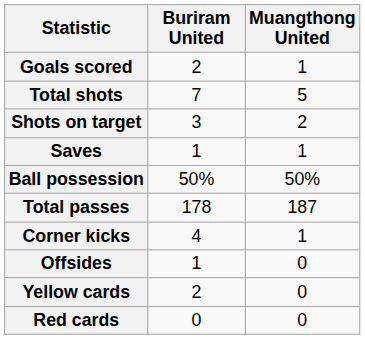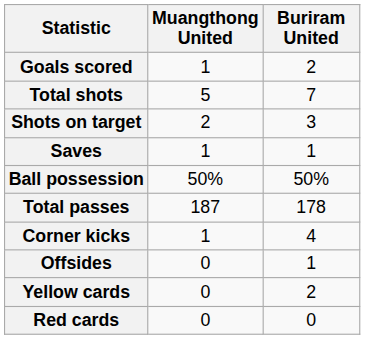 <table class="wikitable plainrowheaders" style="text-align:center">
 <tr>
 <th scope="col">Statistic</th>
+<th scope="col" style="width:80px">Muangthong United</th>
 <th scope="col" style="width:80px">Buriram United</th>
-<th scope="col" style="width:80px">Muangthong United</th>
 </tr>
 <tr>
 <th scope=row>Goals scored</th>
+<td>1</td>
 <td>2</td>
-<td>1</td>
 </tr>
 <tr>
 <th scope=row>Total shots</th>
+<td>5</td>
 <td>7</td>
-<td>5</td>
 </tr>
 <tr>
 <th scope=row>Shots on target</th>
+<td>2</td>
 <td>3</td>
-<td>2</td>
 </tr>
 <tr>
 <th scope=row>Saves</th>
 <td>1</td>
 <td>1</td>
 </tr>
 <tr>
 <th scope=row>Ball possession</th>
 <td>50%</td>
 <td>50%</td>
 </tr>
 <tr>
 <th scope=row>Total passes</th>
+<td>187</td>
 <td>178</td>
-<td>187</td>
 </tr>
 <tr>
 <th scope=row>Corner kicks</th>
+<td>1</td>
 <td>4</td>
+</tr>
+<tr>
+<th scope=row>Offsides</th>
+<td>0</td>
 <td>1</td>
 </tr>
 <tr>
-<th scope=row>Offsides</th>
-<td>1</td>
+<th scope=row>Yellow cards</th>
 <td>0</td>
-</tr>
-<tr>
-<th scope=row>Yellow cards</th>
 <td>2</td>
-<td>0</td>
 </tr>
 <tr>
 <th scope=row>Red cards</th>
 <td>0</td>
 <td>0</td>
 </tr>
 </table>
